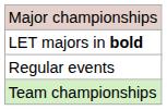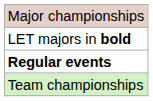 <table class=wikitable style="font-size:95%">
 <tr style="background:#e5d1cb;">
 <td>Major championships</td>
 </tr>
 <tr style="background:#fff;">
 <td>LET majors in <strong>bold</strong></td>
 </tr>
 <tr style="background:#fff;">
-<td>Regular events</td>
+<td><strong>Regular events</strong></td>
 </tr>
 <tr style="background:#D4F1C5;">
 <td>Team championships</td>
 </tr>
 </table>
